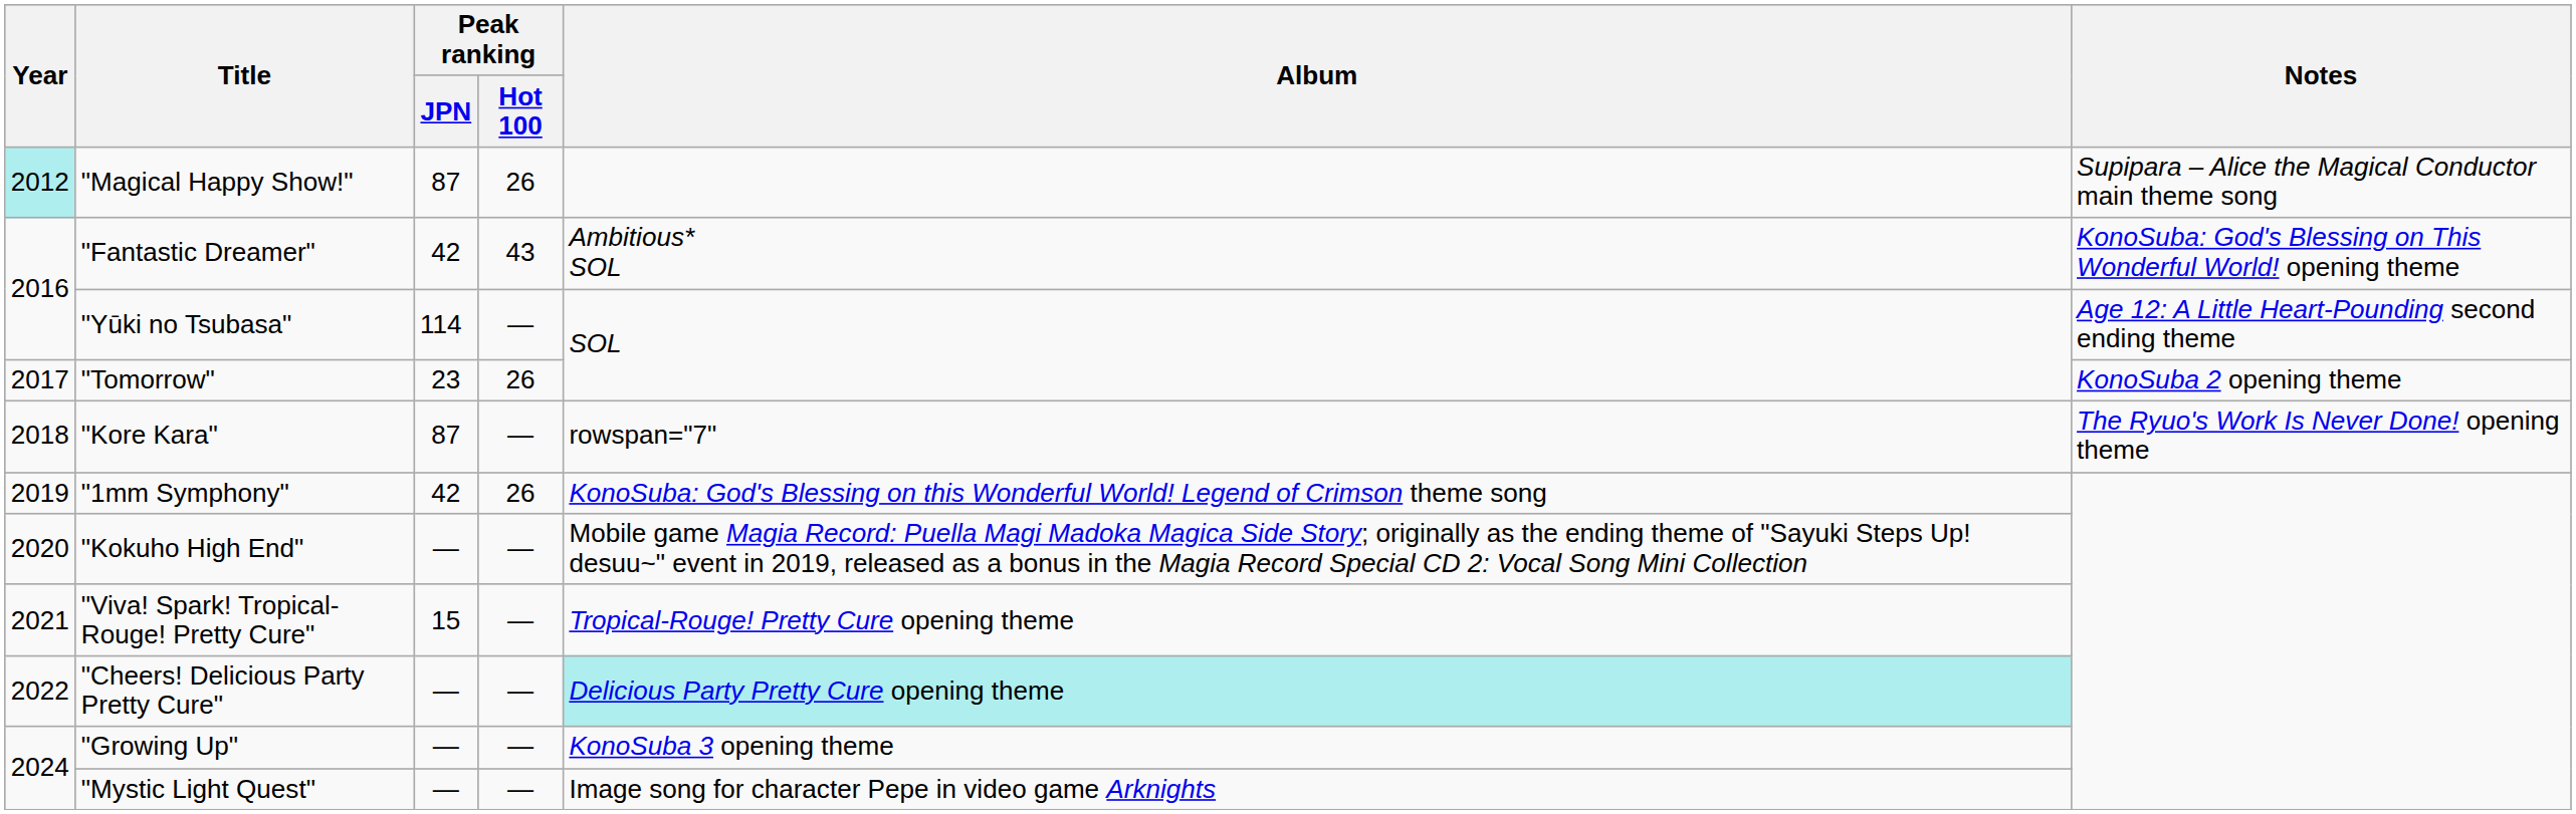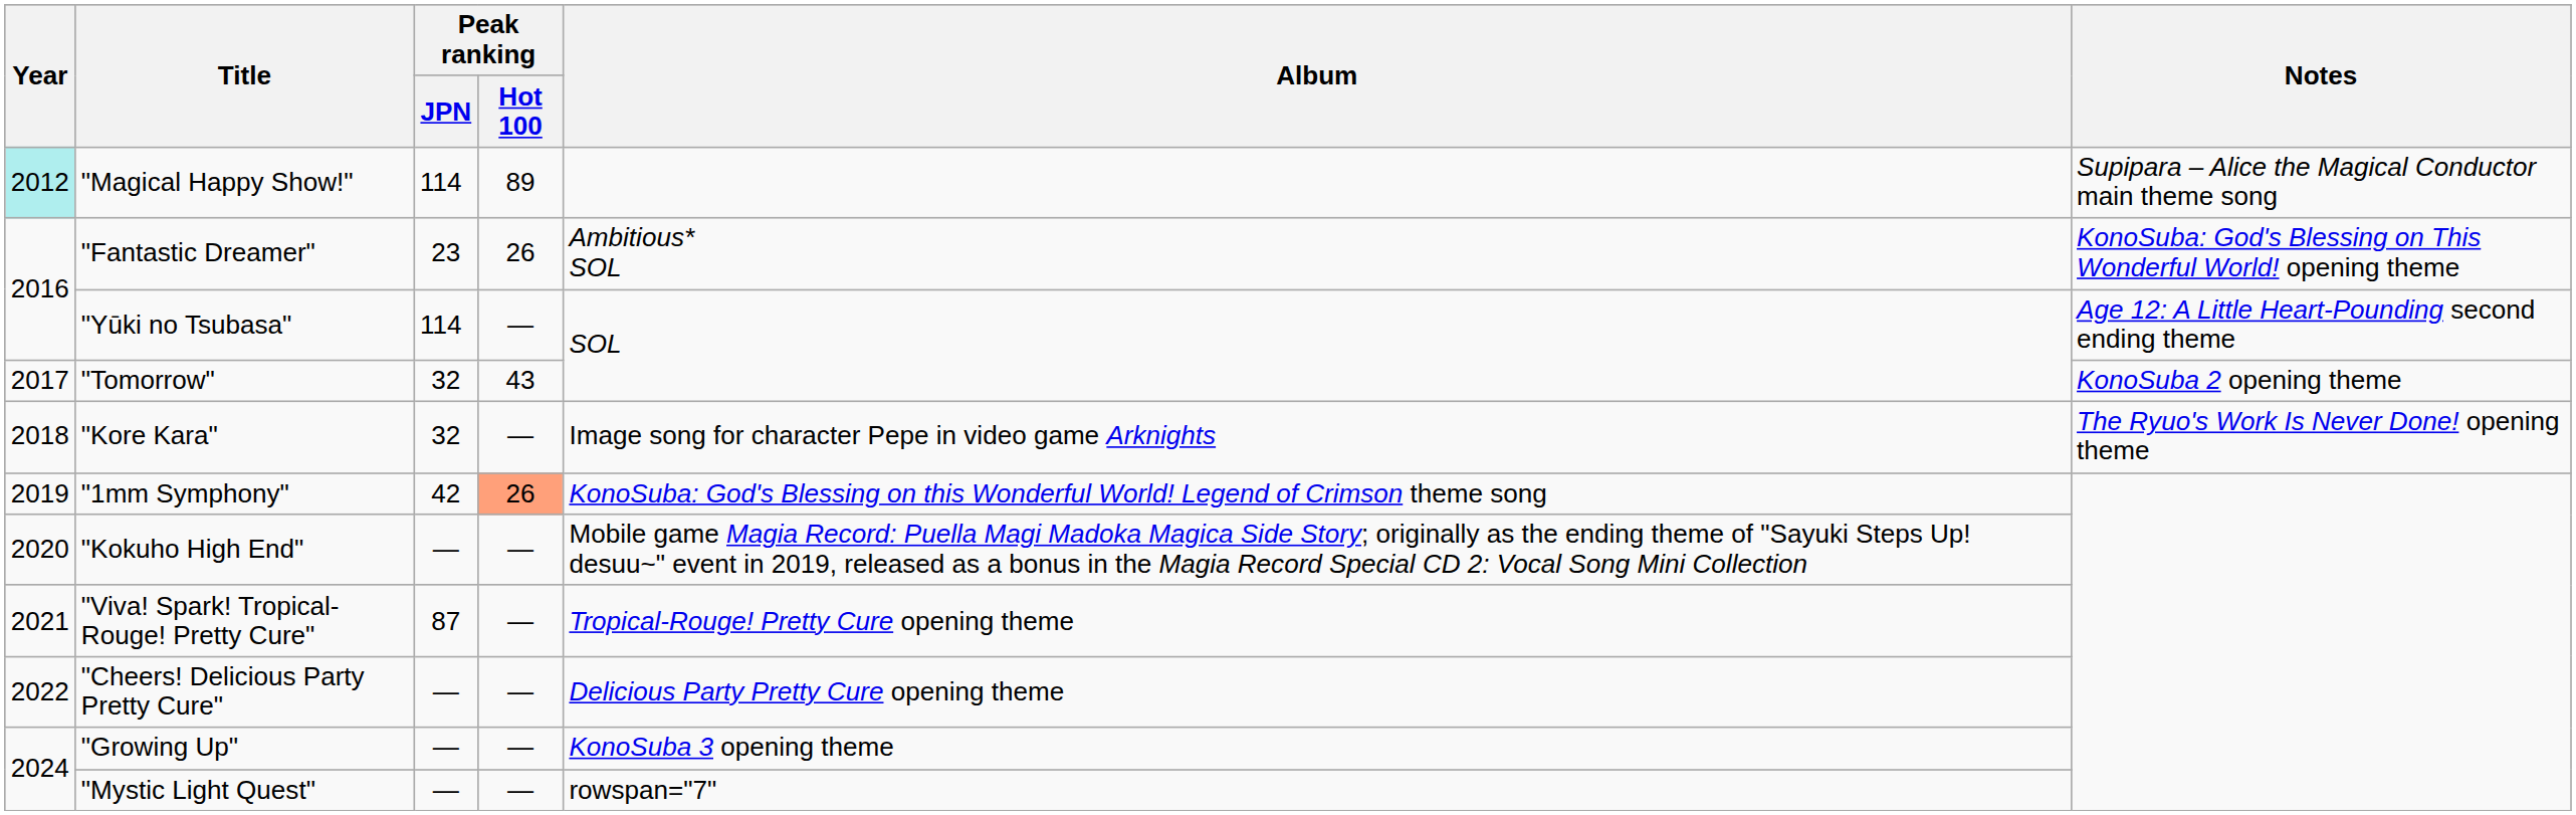 <table class="wikitable">
 <tr>
 <th rowspan="2">Year</th>
 <th rowspan="2">Title</th>
 <th colspan="2">Peak ranking</th>
 <th rowspan="2">Album</th>
 <th rowspan="2">Notes</th>
 </tr>
 <tr>
 <th><a href='#'>JPN</a></th>
 <th><a href='#'>Hot 100</a></th>
 </tr>
 <tr>
 <td style="background: paleturquoise;">2012</td>
 <td>"Magical Happy Show!"</td>
-<td align="center">87</td>
-<td align="center">26</td>
+<td align="center'">114</td>
+<td align="center">89</td>
 <td></td>
 <td><em>Supipara – Alice the Magical Conductor</em> main theme song</td>
 </tr>
 <tr>
 <td rowspan="2">2016</td>
 <td>"Fantastic Dreamer"</td>
-<td align="center">42</td>
-<td align="center">43</td>
+<td align="center">23</td>
+<td align="center">26</td>
 <td><em>Ambitious*</em><br><em>SOL</em></td>
 <td><em><a href='#'>KonoSuba: God's Blessing on This Wonderful World!</a></em> opening theme</td>
 </tr>
 <tr>
 <td>"Yūki no Tsubasa"</td>
 <td align="center'">114</td>
 <td align="center">—</td>
 <td rowspan="2"><em>SOL</em></td>
 <td><em><a href='#'>Age 12: A Little Heart-Pounding</a></em> second ending theme</td>
 </tr>
 <tr>
 <td>2017</td>
 <td>"Tomorrow"</td>
-<td align="center">23</td>
-<td align="center">26</td>
+<td align="center">32</td>
+<td align="center">43</td>
 <td><em><a href='#'>KonoSuba 2</a></em> opening theme</td>
 </tr>
 <tr>
 <td>2018</td>
 <td>"Kore Kara"</td>
-<td align="center">87</td>
+<td align="center">32</td>
 <td align="center">—</td>
-<td>rowspan="7" </td>
+<td>Image song for character Pepe in video game <em><a href='#'>Arknights</a></em></td>
 <td><em><a href='#'>The Ryuo's Work Is Never Done!</a></em> opening theme</td>
 </tr>
 <tr>
 <td>2019</td>
 <td>"1mm Symphony"</td>
 <td align="center">42</td>
-<td align="center">26</td>
+<td align="center" style="background: lightsalmon;">26</td>
 <td><em><a href='#'>KonoSuba: God's Blessing on this Wonderful World! Legend of Crimson</a></em> theme song</td>
 </tr>
 <tr>
 <td>2020</td>
 <td>"Kokuho High End"</td>
 <td align="center">—</td>
 <td align="center">—</td>
 <td>Mobile game <em><a href='#'>Magia Record: Puella Magi Madoka Magica Side Story</a></em>; originally as the ending theme of "Sayuki Steps Up! desuu~" event in 2019, released as a bonus in the <em>Magia Record Special CD 2: Vocal Song Mini Collection</em></td>
 </tr>
 <tr>
 <td>2021</td>
 <td>"Viva! Spark! Tropical-Rouge! Pretty Cure"</td>
-<td align="center">15</td>
+<td align="center">87</td>
 <td align="center">—</td>
 <td><em><a href='#'>Tropical-Rouge! Pretty Cure</a></em> opening theme</td>
 </tr>
 <tr>
 <td>2022</td>
 <td>"Cheers! Delicious Party Pretty Cure"</td>
 <td align="center">—</td>
 <td align="center">—</td>
-<td style="background: paleturquoise;"><em><a href='#'>Delicious Party Pretty Cure</a></em> opening theme</td>
+<td><em><a href='#'>Delicious Party Pretty Cure</a></em> opening theme</td>
 </tr>
 <tr>
 <td rowspan="2">2024</td>
 <td>"Growing Up"</td>
 <td align="center">—</td>
 <td align="center">—</td>
 <td><em><a href='#'>KonoSuba 3</a></em> opening theme</td>
 </tr>
 <tr>
 <td>"Mystic Light Quest"</td>
 <td align="center">—</td>
 <td align="center">—</td>
-<td>Image song for character Pepe in video game <em><a href='#'>Arknights</a></em></td>
+<td>rowspan="7" </td>
 </tr>
 </table>
